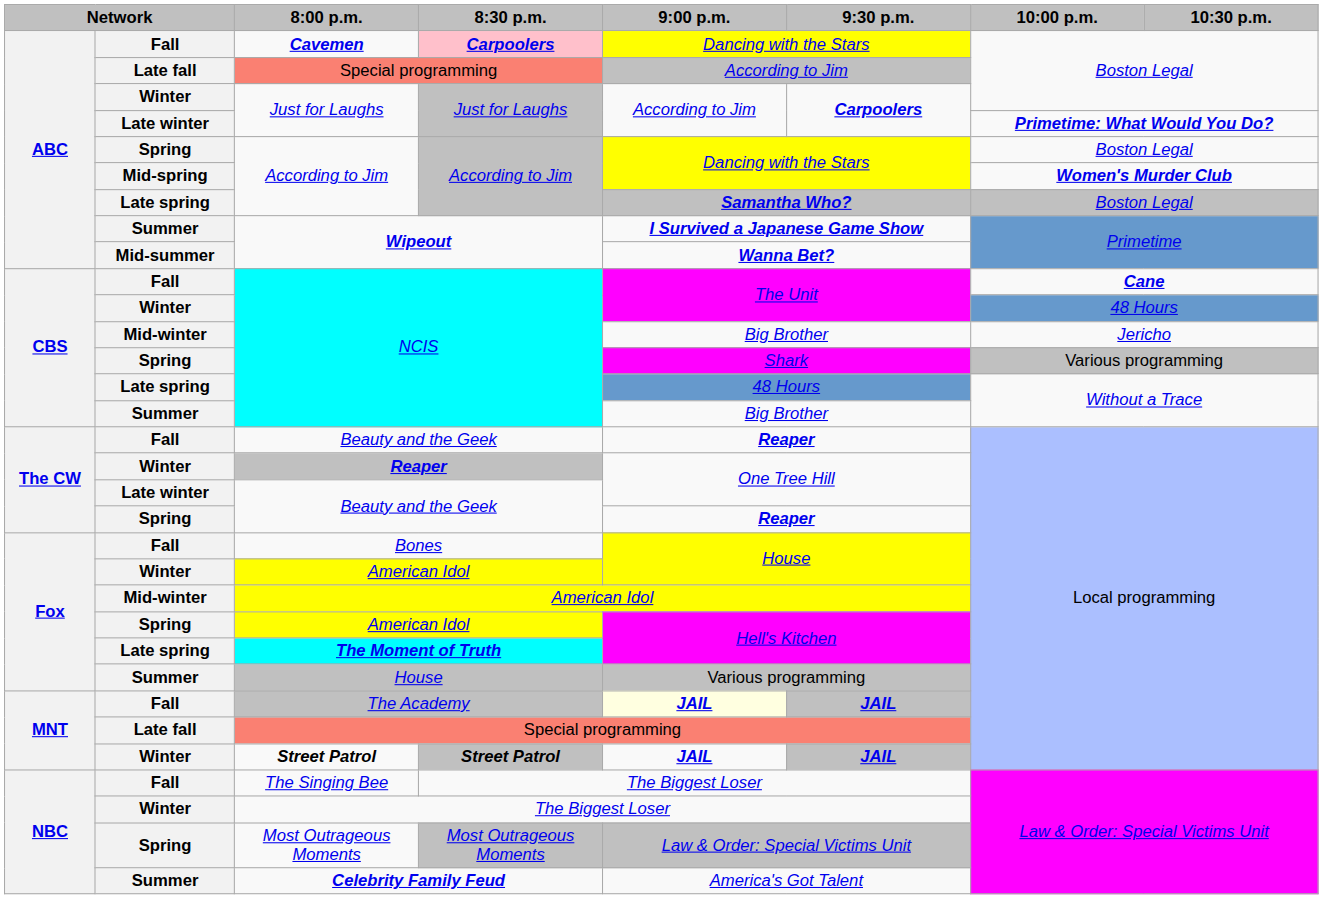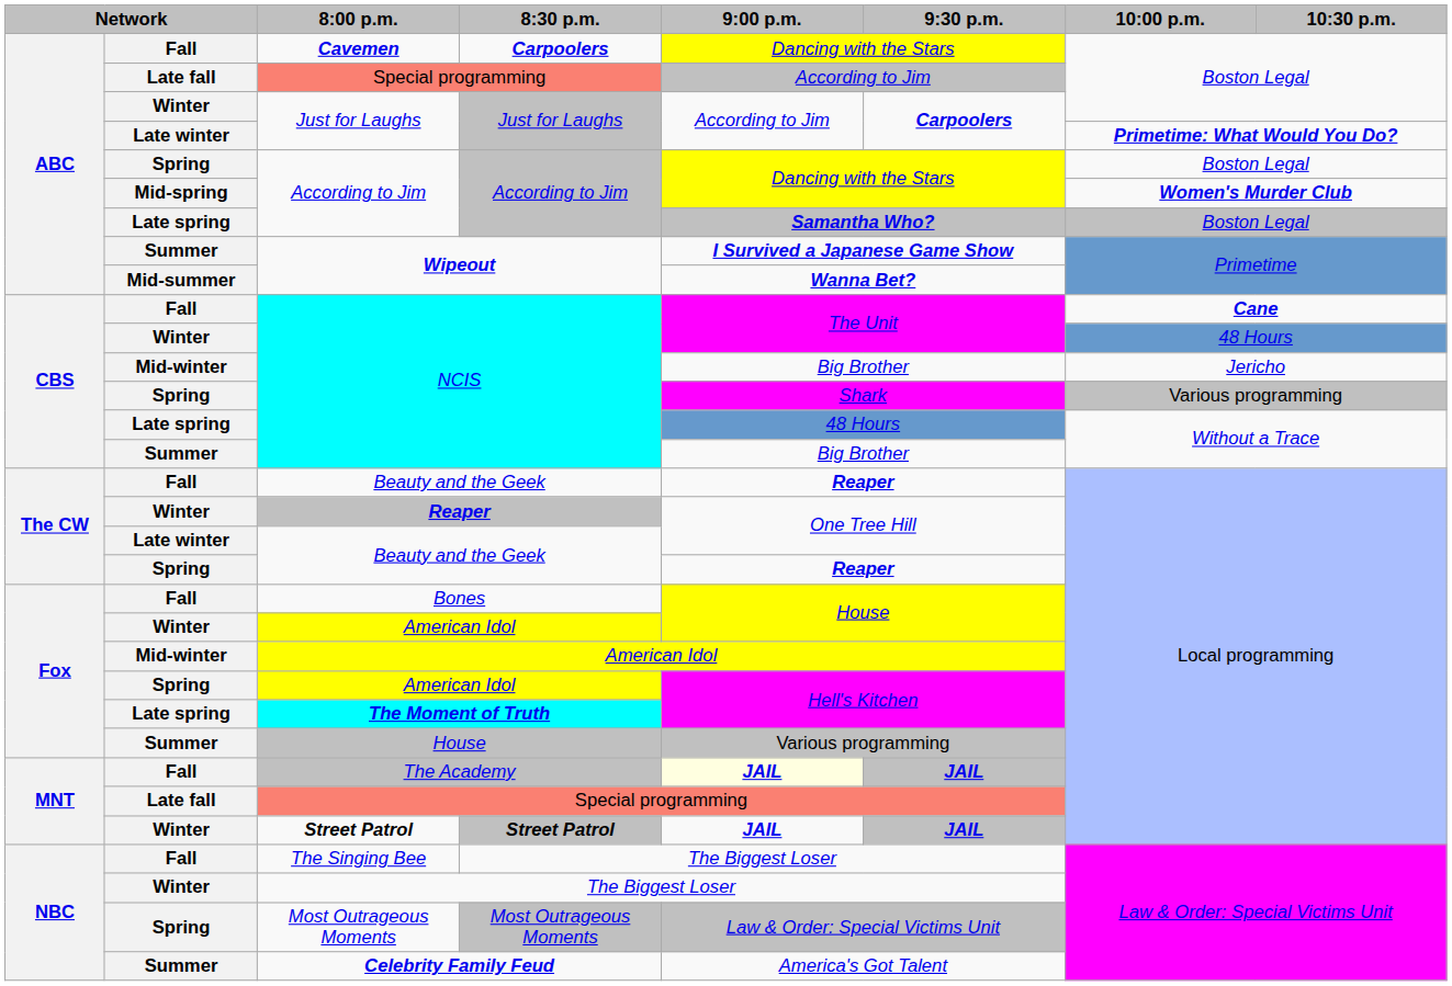 <table class="wikitable" style="width:100%;margin-right:0;text-align:center">
 <tr>
 <th colspan="2" style="background-color:#C0C0C0;text-align:center">Network</th>
 <th style="background-color:#C0C0C0;text-align:center;width:14%;">8:00 p.m.</th>
 <th style="background-color:#C0C0C0;text-align:center;width:14%;">8:30 p.m.</th>
 <th style="background-color:#C0C0C0;text-align:center;width:14%;">9:00 p.m.</th>
 <th style="background-color:#C0C0C0;text-align:center;width:14%;">9:30 p.m.</th>
 <th style="background-color:#C0C0C0;text-align:center">10:00 p.m.</th>
 <th style="background-color:#C0C0C0;text-align:center">10:30 p.m.</th>
 </tr>
 <tr>
 <th rowspan="9"><a href='#'>ABC</a></th>
 <th>Fall</th>
 <td><strong><em><a href='#'>Cavemen</a></em></strong></td>
-<td style="background: pink;"><strong><em><a href='#'>Carpoolers</a></em></strong></td>
+<td><strong><em><a href='#'>Carpoolers</a></em></strong></td>
 <td colspan="2" style="background:yellow;"><em><a href='#'>Dancing with the Stars</a></em> </td>
 <td colspan="2" rowspan="3"><em><a href='#'>Boston Legal</a></em></td>
 </tr>
 <tr>
 <th>Late fall</th>
 <td colspan="2" style="background:#FA8072;">Special programming</td>
 <td colspan="2" style="background:#C0C0C0;"><em><a href='#'>According to Jim</a></em> </td>
 </tr>
 <tr>
 <th>Winter</th>
 <td rowspan="2"><em><a href='#'>Just for Laughs</a></em></td>
 <td rowspan="2" style="background:#C0C0C0;"><em><a href='#'>Just for Laughs</a></em> </td>
 <td rowspan="2"><em><a href='#'>According to Jim</a></em></td>
 <td rowspan="2"><strong><em><a href='#'>Carpoolers</a></em></strong></td>
 </tr>
 <tr>
 <th>Late winter</th>
 <td colspan="2"><strong><em><a href='#'>Primetime: What Would You Do?</a></em></strong></td>
 </tr>
 <tr>
 <th>Spring</th>
 <td rowspan="3"><em><a href='#'>According to Jim</a></em></td>
 <td style="background:#C0C0C0;" rowspan="3"><em><a href='#'>According to Jim</a></em> </td>
 <td colspan="2" rowspan="2" style="background:yellow;"><em><a href='#'>Dancing with the Stars</a></em> </td>
 <td colspan="2"><em><a href='#'>Boston Legal</a></em></td>
 </tr>
 <tr>
 <th>Mid-spring</th>
 <td colspan="2"><strong><em><a href='#'>Women's Murder Club</a></em></strong></td>
 </tr>
 <tr>
 <th>Late spring</th>
 <td colspan="2" style="background:#C0C0C0;"><strong><em><a href='#'>Samantha Who?</a></em></strong> </td>
 <td colspan="2" style="background:#C0C0C0;"><em><a href='#'>Boston Legal</a></em> </td>
 </tr>
 <tr>
 <th>Summer</th>
 <td colspan="2" rowspan="2"><strong><em><a href='#'>Wipeout</a></em></strong></td>
 <td colspan="2"><strong><em><a href='#'>I Survived a Japanese Game Show</a></em></strong></td>
 <td style="background:#6699CC;" colspan="2" rowspan="2"><em><a href='#'>Primetime</a></em></td>
 </tr>
 <tr>
 <th>Mid-summer</th>
 <td colspan="2"><strong><em><a href='#'>Wanna Bet?</a></em></strong></td>
 </tr>
 <tr>
 <th rowspan="6"><a href='#'>CBS</a></th>
 <th>Fall</th>
 <td rowspan="6" style="background:#00FFFF;" colspan="2"><em><a href='#'>NCIS</a></em> </td>
 <td style="background:#FF00FF;" rowspan="2" colspan="2"><em><a href='#'>The Unit</a></em> </td>
 <td colspan="2"><strong><em><a href='#'>Cane</a></em></strong></td>
 </tr>
 <tr>
 <th>Winter</th>
 <td style="background:#6699CC;" colspan="2"><em><a href='#'>48 Hours</a></em></td>
 </tr>
 <tr>
 <th>Mid-winter</th>
 <td colspan="2"><em><a href='#'>Big Brother</a></em></td>
 <td colspan="2"><em><a href='#'>Jericho</a></em></td>
 </tr>
 <tr>
 <th>Spring</th>
 <td style="background:#FF00FF;" colspan="2"><em><a href='#'>Shark</a></em> </td>
 <td style="background:#C0C0C0;" colspan="2">Various programming</td>
 </tr>
 <tr>
 <th>Late spring</th>
 <td style="background:#6699CC;" colspan="2"><em><a href='#'>48 Hours</a></em></td>
 <td rowspan="2" colspan="2"><em><a href='#'>Without a Trace</a></em></td>
 </tr>
 <tr>
 <th>Summer</th>
 <td colspan="2"><em><a href='#'>Big Brother</a></em></td>
 </tr>
 <tr>
 <th rowspan="4"><a href='#'>The CW</a></th>
 <th>Fall</th>
 <td colspan="2"><em><a href='#'>Beauty and the Geek</a></em></td>
 <td colspan="2"><strong><em><a href='#'>Reaper</a></em></strong></td>
 <td style="background:#abbfff;" colspan="2" rowspan="13">Local programming</td>
 </tr>
 <tr>
 <th>Winter</th>
 <td colspan="2" style="background:#C0C0C0;"><strong><em><a href='#'>Reaper</a></em></strong> </td>
 <td colspan="2" rowspan="2"><em><a href='#'>One Tree Hill</a></em></td>
 </tr>
 <tr>
 <th>Late winter</th>
 <td colspan="2" rowspan="2"><em><a href='#'>Beauty and the Geek</a></em></td>
 </tr>
 <tr>
 <th>Spring</th>
 <td colspan="2"><strong><em><a href='#'>Reaper</a></em></strong></td>
 </tr>
 <tr>
 <th rowspan="6"><a href='#'>Fox</a></th>
 <th>Fall</th>
 <td colspan="2"><em><a href='#'>Bones</a></em></td>
 <td colspan="2" rowspan="2" style="background:yellow;"><em><a href='#'>House</a></em> </td>
 </tr>
 <tr>
 <th>Winter</th>
 <td colspan="2" style="background:yellow;"><em><a href='#'>American Idol</a></em> </td>
 </tr>
 <tr>
 <th>Mid-winter</th>
 <td colspan="4" style="background:yellow;"><em><a href='#'>American Idol</a></em> </td>
 </tr>
 <tr>
 <th>Spring</th>
 <td colspan="2" style="background:yellow;"><em><a href='#'>American Idol</a></em> </td>
 <td colspan="2" rowspan="2" style="background:magenta;"><em><a href='#'>Hell's Kitchen</a></em> </td>
 </tr>
 <tr>
 <th>Late spring</th>
 <td colspan="2" style="background:cyan;"><strong><em><a href='#'>The Moment of Truth</a></em></strong> </td>
 </tr>
 <tr>
 <th>Summer</th>
 <td colspan="2" style="background:#C0C0C0;"><em><a href='#'>House</a></em> </td>
 <td colspan="2" style="background:#C0C0C0;">Various programming</td>
 </tr>
 <tr>
 <th rowspan="3"><a href='#'>MNT</a></th>
 <th>Fall</th>
 <td colspan="2" style="background:#C0C0C0;"><em><a href='#'>The Academy</a></em> </td>
 <td style="background: lightyellow;"><strong><em><a href='#'>JAIL</a></em></strong></td>
 <td style="background:#C0C0C0;"><strong><em><a href='#'>JAIL</a></em></strong> </td>
 </tr>
 <tr>
 <th>Late fall</th>
 <td colspan="4" style="background:#FA8072;">Special programming</td>
 </tr>
 <tr>
 <th>Winter</th>
 <td><strong><em>Street Patrol</em></strong></td>
 <td style="background:#C0C0C0;"><strong><em>Street Patrol</em></strong> </td>
 <td><strong><em><a href='#'>JAIL</a></em></strong></td>
 <td style="background:#C0C0C0;"><strong><em><a href='#'>JAIL</a></em></strong> </td>
 </tr>
 <tr>
 <th rowspan="5"><a href='#'>NBC</a></th>
 <th>Fall</th>
 <td><em><a href='#'>The Singing Bee</a></em></td>
 <td colspan="3"><em><a href='#'>The Biggest Loser</a></em></td>
 <td colspan="2" rowspan="4" style="background:magenta;"><em><a href='#'>Law & Order: Special Victims Unit</a></em> </td>
 </tr>
 <tr>
 <th>Winter</th>
 <td colspan="4"><em><a href='#'>The Biggest Loser</a></em></td>
 </tr>
 <tr>
 <th>Spring</th>
 <td><em><a href='#'>Most Outrageous Moments</a></em></td>
 <td style="background:#C0C0C0;"><em><a href='#'>Most Outrageous Moments</a></em> </td>
 <td colspan="2" style="background:#C0C0C0;"><em><a href='#'>Law & Order: Special Victims Unit</a></em> </td>
 </tr>
 <tr>
 <th>Summer</th>
 <td colspan="2"><strong><em><a href='#'>Celebrity Family Feud</a></em></strong></td>
 <td colspan="2"><em><a href='#'>America's Got Talent</a></em></td>
 </tr>
 </table>
